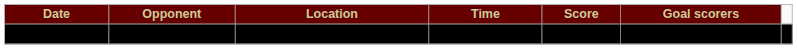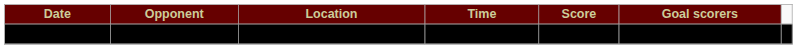 <table class="wikitable" width="80%">
 <tr align="center" style="background:#660000;color:#CCCC99;">
 <td><strong>Date</strong></td>
 <td><strong>Opponent</strong></td>
 <td><strong>Location</strong></td>
 <td><strong>Time</strong></td>
 <td><strong>Score</strong></td>
 <td><strong>Goal scorers</strong></td>
 </tr>
 <tr align="center" bgcolor=" ">
-<td>09/25/11</td>
+<td><strong>09/25/11</strong></td>
 <td>vs. McGill</td>
-<td><strong>Providence, R.I.</strong></td>
+<td>Providence, R.I.</td>
 <td>3:00 p.m.</td>
 <td></td>
 <td></td>
 <td></td>
 </tr>
 <tr align="center" bgcolor=" ">
 </tr>
 </table>
